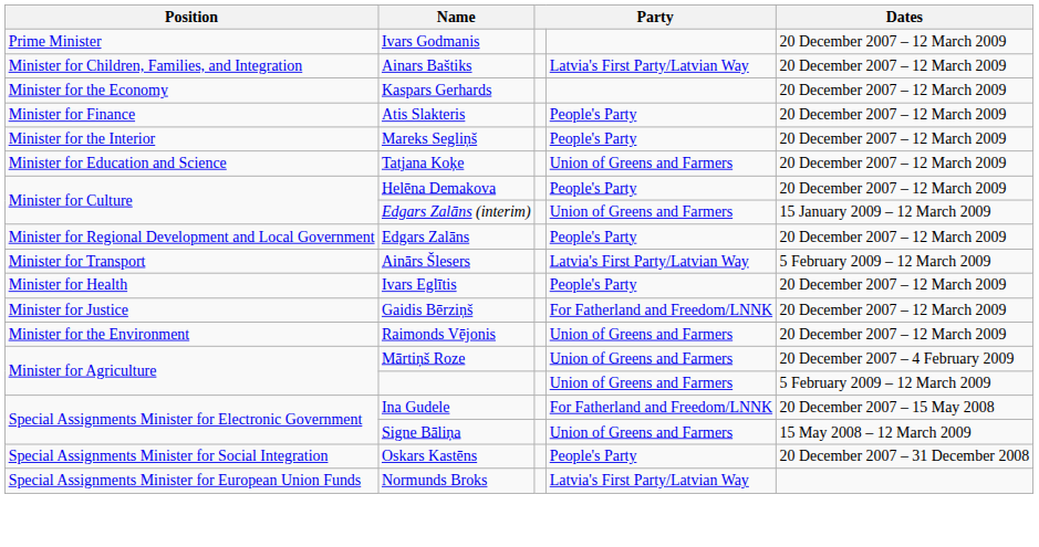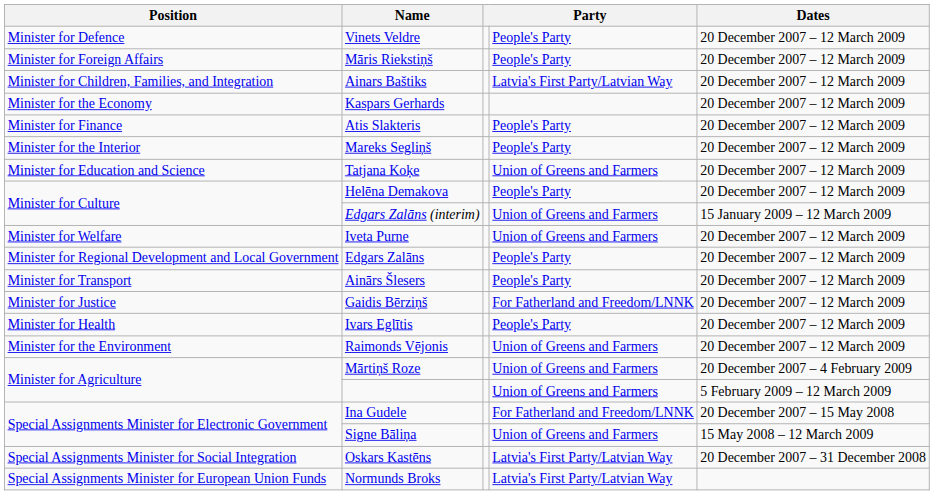 <table class="wikitable">
 <tr>
 <th>Position</th>
 <th>Name</th>
 <th colspan=2>Party</th>
 <th>Dates</th>
 </tr>
 <tr>
-<td><a href='#'>Prime Minister</a></td>
-<td><a href='#'>Ivars Godmanis</a></td>
-<td width=5px style="background-color: "></td>
-<td></td>
+<td><a href='#'>Minister for Defence</a></td>
+<td><a href='#'>Vinets Veldre</a></td>
+<td style="background-color: "></td>
+<td><a href='#'>People's Party</a></td>
+<td>20 December 2007 – 12 March 2009</td>
+</tr>
+<tr>
+<td><a href='#'>Minister for Foreign Affairs</a></td>
+<td><a href='#'>Māris Riekstiņš</a></td>
+<td style="background-color: "></td>
+<td><a href='#'>People's Party</a></td>
 <td>20 December 2007 – 12 March 2009</td>
 </tr>
 <tr>
 <td><a href='#'>Minister for Children, Families, and Integration</a></td>
 <td><a href='#'>Ainars Baštiks</a></td>
 <td style="background-color: "></td>
 <td><a href='#'>Latvia's First Party/Latvian Way</a></td>
 <td>20 December 2007 – 12 March 2009</td>
 </tr>
 <tr>
 <td><a href='#'>Minister for the Economy</a></td>
 <td><a href='#'>Kaspars Gerhards</a></td>
 <td style="background-color: "></td>
 <td></td>
 <td>20 December 2007 – 12 March 2009</td>
 </tr>
 <tr>
 <td><a href='#'>Minister for Finance</a></td>
 <td><a href='#'>Atis Slakteris</a></td>
 <td style="background-color: "></td>
 <td><a href='#'>People's Party</a></td>
 <td>20 December 2007 – 12 March 2009</td>
 </tr>
 <tr>
 <td><a href='#'>Minister for the Interior</a></td>
 <td><a href='#'>Mareks Segliņš</a></td>
 <td style="background-color: "></td>
 <td><a href='#'>People's Party</a></td>
 <td>20 December 2007 – 12 March 2009</td>
 </tr>
 <tr>
 <td><a href='#'>Minister for Education and Science</a></td>
 <td><a href='#'>Tatjana Koķe</a></td>
 <td style="background-color: "></td>
 <td><a href='#'>Union of Greens and Farmers</a></td>
 <td>20 December 2007 – 12 March 2009</td>
 </tr>
 <tr>
 <td rowspan="2"><a href='#'>Minister for Culture</a></td>
 <td><a href='#'>Helēna Demakova</a></td>
 <td style="background-color: "></td>
 <td><a href='#'>People's Party</a></td>
 <td>20 December 2007 – 12 March 2009</td>
 </tr>
 <tr>
 <td><em><a href='#'>Edgars Zalāns</a> (interim)</em></td>
 <td style="background-color: "></td>
 <td><a href='#'>Union of Greens and Farmers</a></td>
 <td>15 January 2009 – 12 March 2009</td>
 </tr>
 <tr>
+<td><a href='#'>Minister for Welfare</a></td>
+<td><a href='#'>Iveta Purne</a></td>
+<td style="background-color: "></td>
+<td><a href='#'>Union of Greens and Farmers</a></td>
+<td>20 December 2007 – 12 March 2009</td>
+</tr>
+<tr>
 <td><a href='#'>Minister for Regional Development and Local Government</a></td>
 <td><a href='#'>Edgars Zalāns</a></td>
 <td style="background-color: "></td>
 <td><a href='#'>People's Party</a></td>
 <td>20 December 2007 – 12 March 2009</td>
 </tr>
 <tr>
 <td><a href='#'>Minister for Transport</a></td>
 <td><a href='#'>Ainārs Šlesers</a></td>
 <td style="background-color: "></td>
-<td><a href='#'>Latvia's First Party/Latvian Way</a></td>
-<td>5 February 2009 – 12 March 2009</td>
-</tr>
-<tr>
-<td><a href='#'>Minister for Health</a></td>
-<td><a href='#'>Ivars Eglītis</a></td>
-<td style="background-color: "></td>
 <td><a href='#'>People's Party</a></td>
 <td>20 December 2007 – 12 March 2009</td>
 </tr>
 <tr>
 <td><a href='#'>Minister for Justice</a></td>
 <td><a href='#'>Gaidis Bērziņš</a></td>
 <td style="background-color: "></td>
 <td><a href='#'>For Fatherland and Freedom/LNNK</a></td>
+<td>20 December 2007 – 12 March 2009</td>
+</tr>
+<tr>
+<td><a href='#'>Minister for Health</a></td>
+<td><a href='#'>Ivars Eglītis</a></td>
+<td style="background-color: "></td>
+<td><a href='#'>People's Party</a></td>
 <td>20 December 2007 – 12 March 2009</td>
 </tr>
 <tr>
 <td><a href='#'>Minister for the Environment</a></td>
 <td><a href='#'>Raimonds Vējonis</a></td>
 <td style="background-color: "></td>
 <td><a href='#'>Union of Greens and Farmers</a></td>
 <td>20 December 2007 – 12 March 2009</td>
 </tr>
 <tr>
 <td rowspan="2"><a href='#'>Minister for Agriculture</a></td>
 <td><a href='#'>Mārtiņš Roze</a></td>
 <td style="background-color: "></td>
 <td><a href='#'>Union of Greens and Farmers</a></td>
 <td>20 December 2007 – 4 February 2009</td>
 </tr>
 <tr>
 <td></td>
 <td style="background-color: "></td>
 <td><a href='#'>Union of Greens and Farmers</a></td>
 <td>5 February 2009 – 12 March 2009</td>
 </tr>
 <tr>
 <td rowspan="2"><a href='#'>Special Assignments Minister for Electronic Government</a></td>
 <td><a href='#'>Ina Gudele</a></td>
 <td style="background-color: "></td>
 <td><a href='#'>For Fatherland and Freedom/LNNK</a></td>
 <td>20 December 2007 – 15 May 2008</td>
 </tr>
 <tr>
 <td><a href='#'>Signe Bāliņa</a></td>
 <td style="background-color: "></td>
 <td><a href='#'>Union of Greens and Farmers</a></td>
 <td>15 May 2008 – 12 March 2009</td>
 </tr>
 <tr>
 <td><a href='#'>Special Assignments Minister for Social Integration</a></td>
 <td><a href='#'>Oskars Kastēns</a></td>
 <td style="background-color: "></td>
-<td><a href='#'>People's Party</a></td>
+<td><a href='#'>Latvia's First Party/Latvian Way</a></td>
 <td>20 December 2007 – 31 December 2008</td>
 </tr>
 <tr>
 <td><a href='#'>Special Assignments Minister for European Union Funds</a></td>
 <td><a href='#'>Normunds Broks</a></td>
 <td style="background-color: "></td>
 <td><a href='#'>Latvia's First Party/Latvian Way</a></td>
 <td></td>
 </tr>
 </table>
